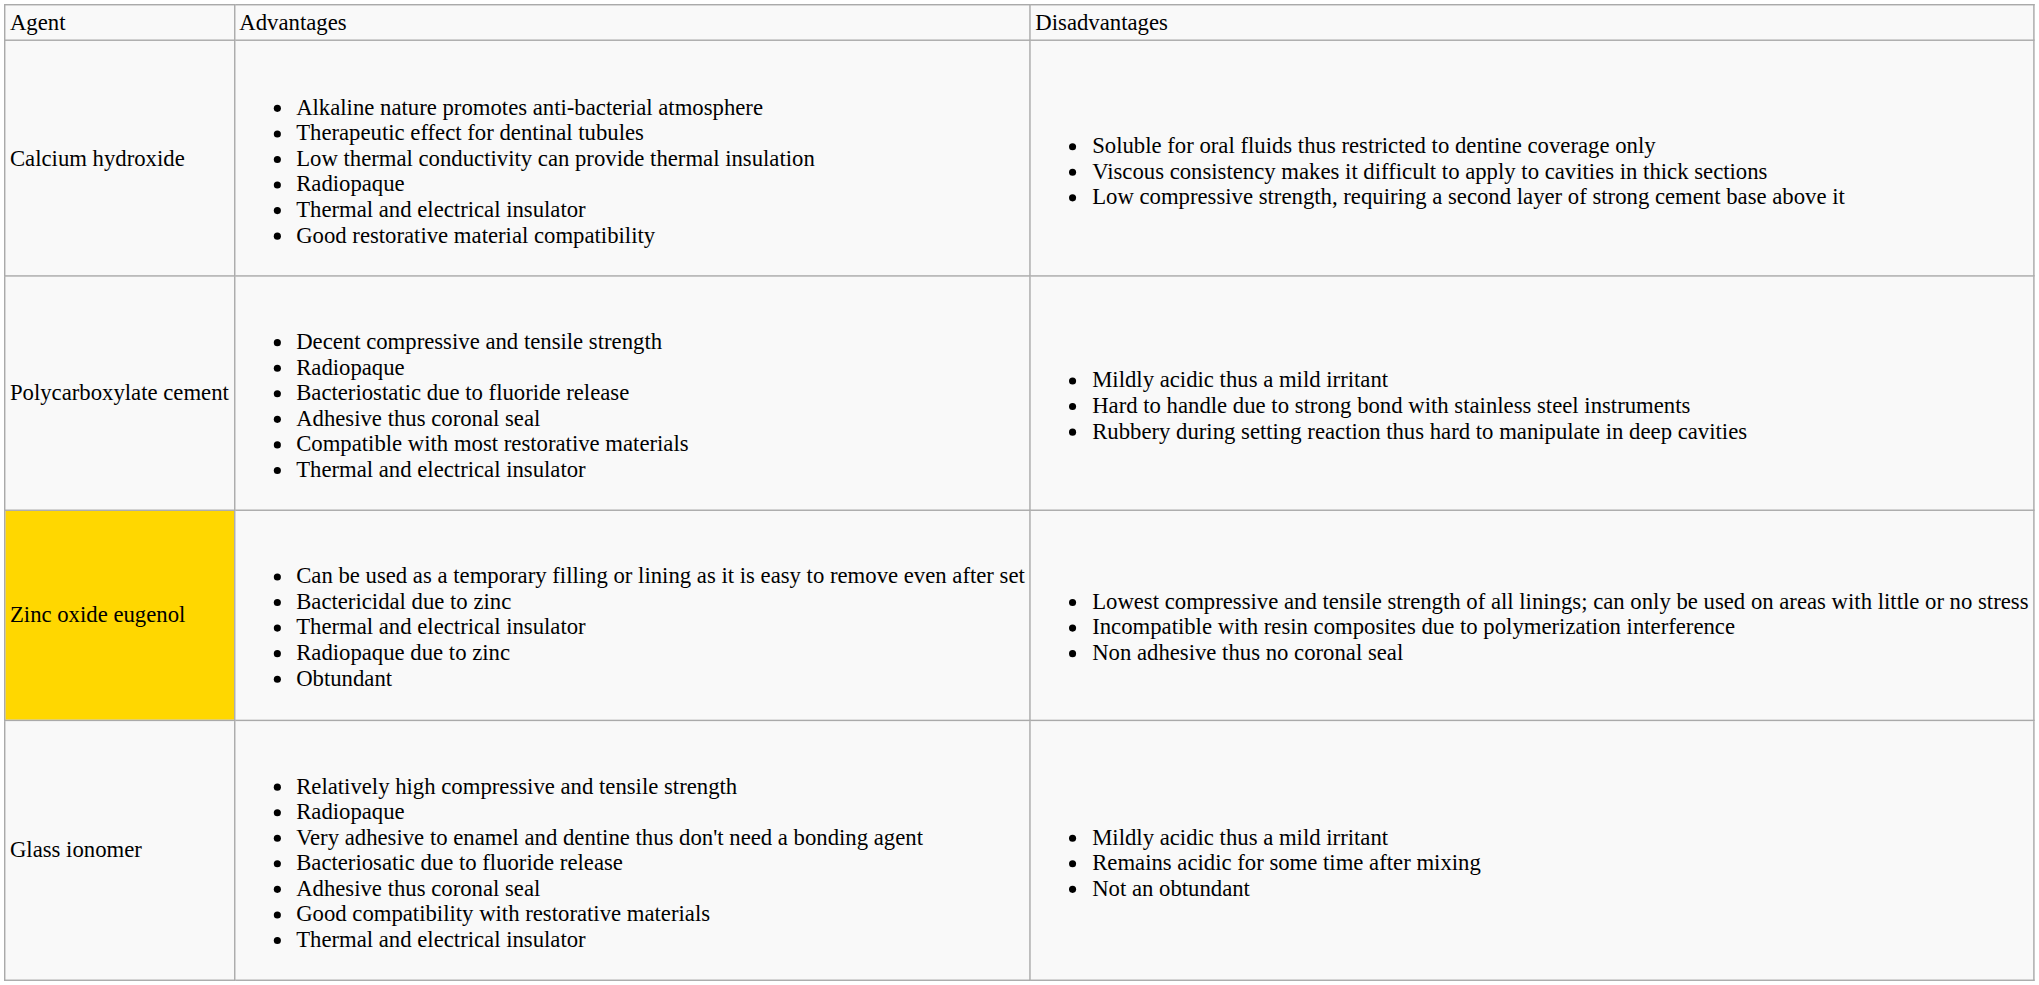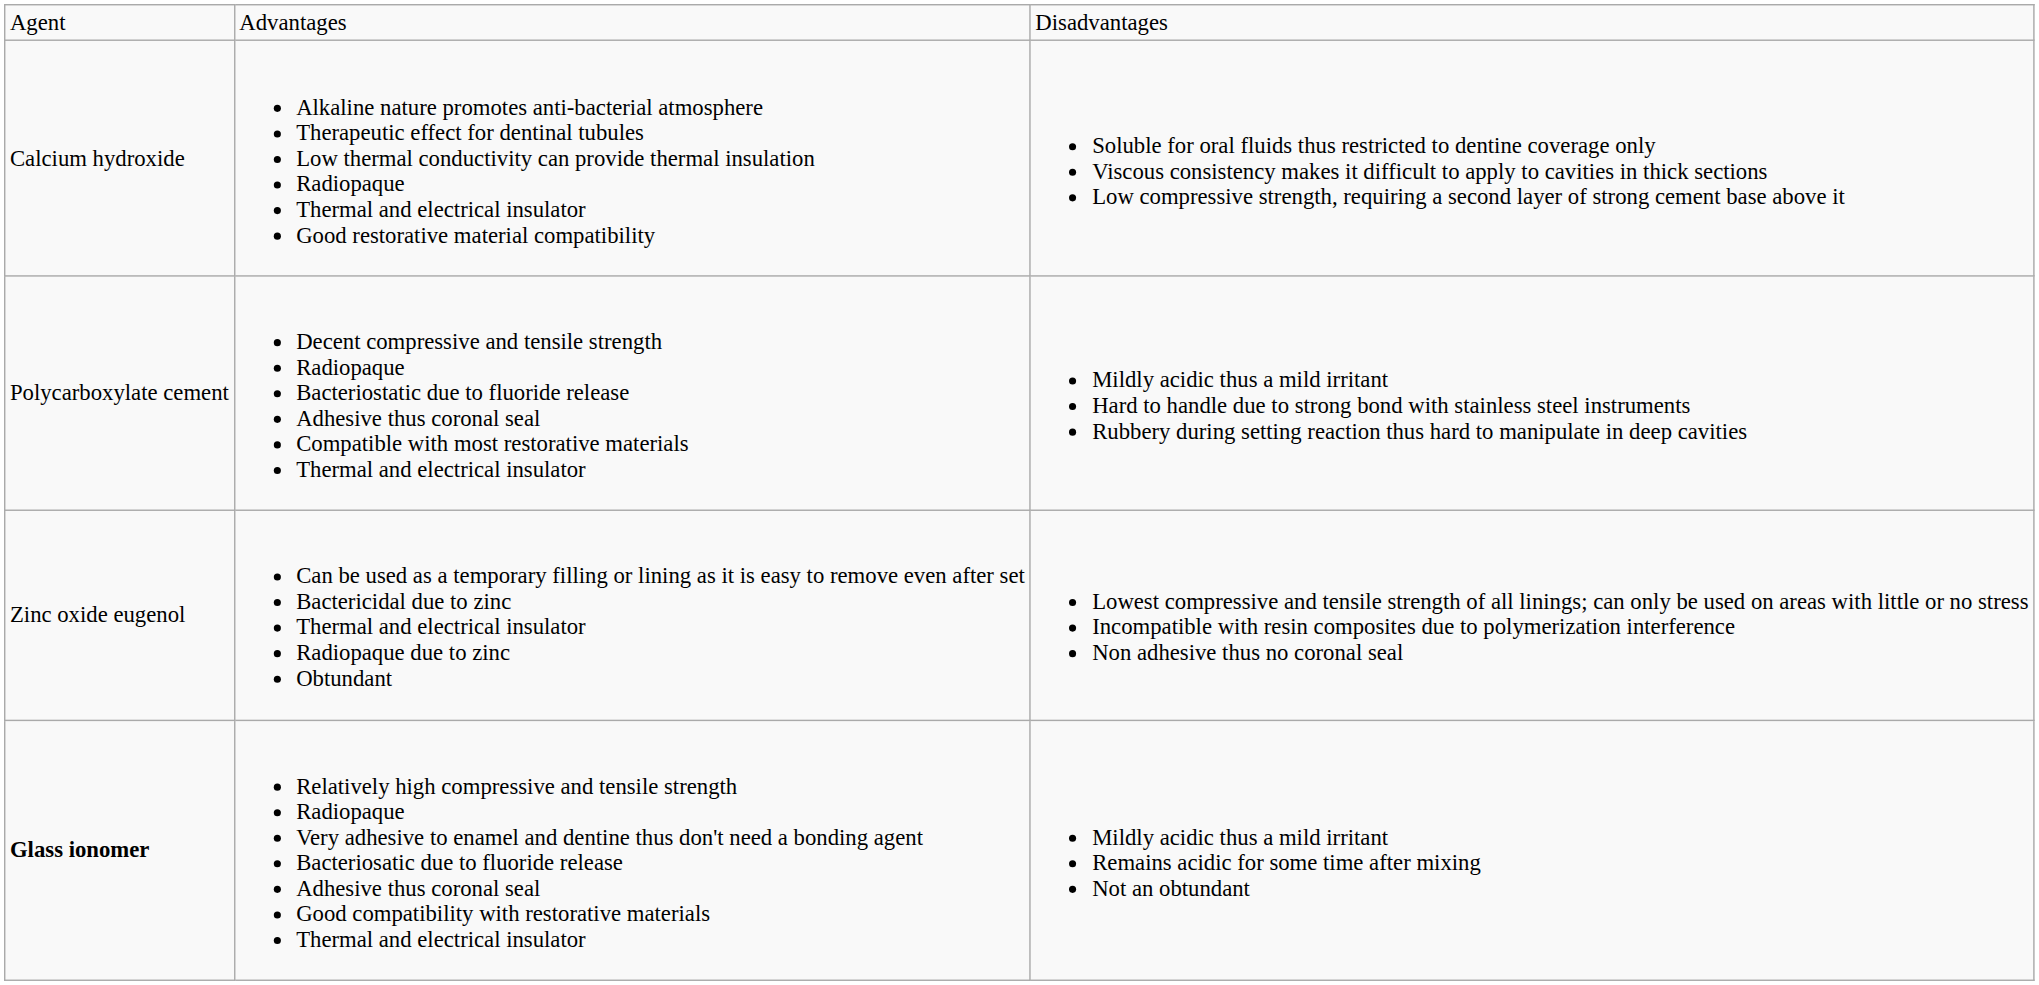 <table class="wikitable">
 <tr>
 <td>Agent</td>
 <td>Advantages</td>
 <td>Disadvantages</td>
 </tr>
 <tr>
 <td>Calcium hydroxide</td>
 <td><br><ul><li>Alkaline nature promotes anti-bacterial atmosphere</li><li>Therapeutic effect for dentinal tubules</li><li>Low thermal conductivity can provide thermal insulation</li><li>Radiopaque</li><li>Thermal and electrical insulator</li><li>Good restorative material compatibility</li></ul></td>
 <td><br><ul><li>Soluble for oral fluids thus restricted to dentine coverage only</li><li>Viscous consistency makes it difficult to apply to cavities in thick sections</li><li>Low compressive strength, requiring a second layer of strong cement base above it</li></ul></td>
 </tr>
 <tr>
 <td>Polycarboxylate cement</td>
 <td><br><ul><li>Decent compressive and tensile strength</li><li>Radiopaque</li><li>Bacteriostatic due to fluoride release</li><li>Adhesive thus coronal seal</li><li>Compatible with most restorative materials</li><li>Thermal and electrical insulator</li></ul></td>
 <td><br><ul><li>Mildly acidic thus a mild irritant</li><li>Hard to handle due to strong bond with stainless steel instruments</li><li>Rubbery during setting reaction thus hard to manipulate in deep cavities</li></ul></td>
 </tr>
 <tr>
-<td style="background: gold;">Zinc oxide eugenol</td>
+<td>Zinc oxide eugenol</td>
 <td><br><ul><li>Can be used as a temporary filling or lining as it is easy to remove even after set</li><li>Bactericidal due to zinc</li><li>Thermal and electrical insulator</li><li>Radiopaque due to zinc</li><li>Obtundant</li></ul></td>
 <td><br><ul><li>Lowest compressive and tensile strength of all linings; can only be used on areas with little or no stress</li><li>Incompatible with resin composites due to polymerization interference</li><li>Non adhesive thus no coronal seal</li></ul></td>
 </tr>
 <tr>
-<td>Glass ionomer</td>
+<td><strong>Glass ionomer</strong></td>
 <td><br><ul><li>Relatively high compressive and tensile strength</li><li>Radiopaque</li><li>Very adhesive to enamel and dentine thus don't need a bonding agent</li><li>Bacteriosatic due to fluoride release</li><li>Adhesive thus coronal seal</li><li>Good compatibility with restorative materials</li><li>Thermal and electrical insulator</li></ul></td>
 <td><br><ul><li>Mildly acidic thus a mild irritant</li><li>Remains acidic for some time after mixing</li><li>Not an obtundant</li></ul></td>
 </tr>
 </table>
